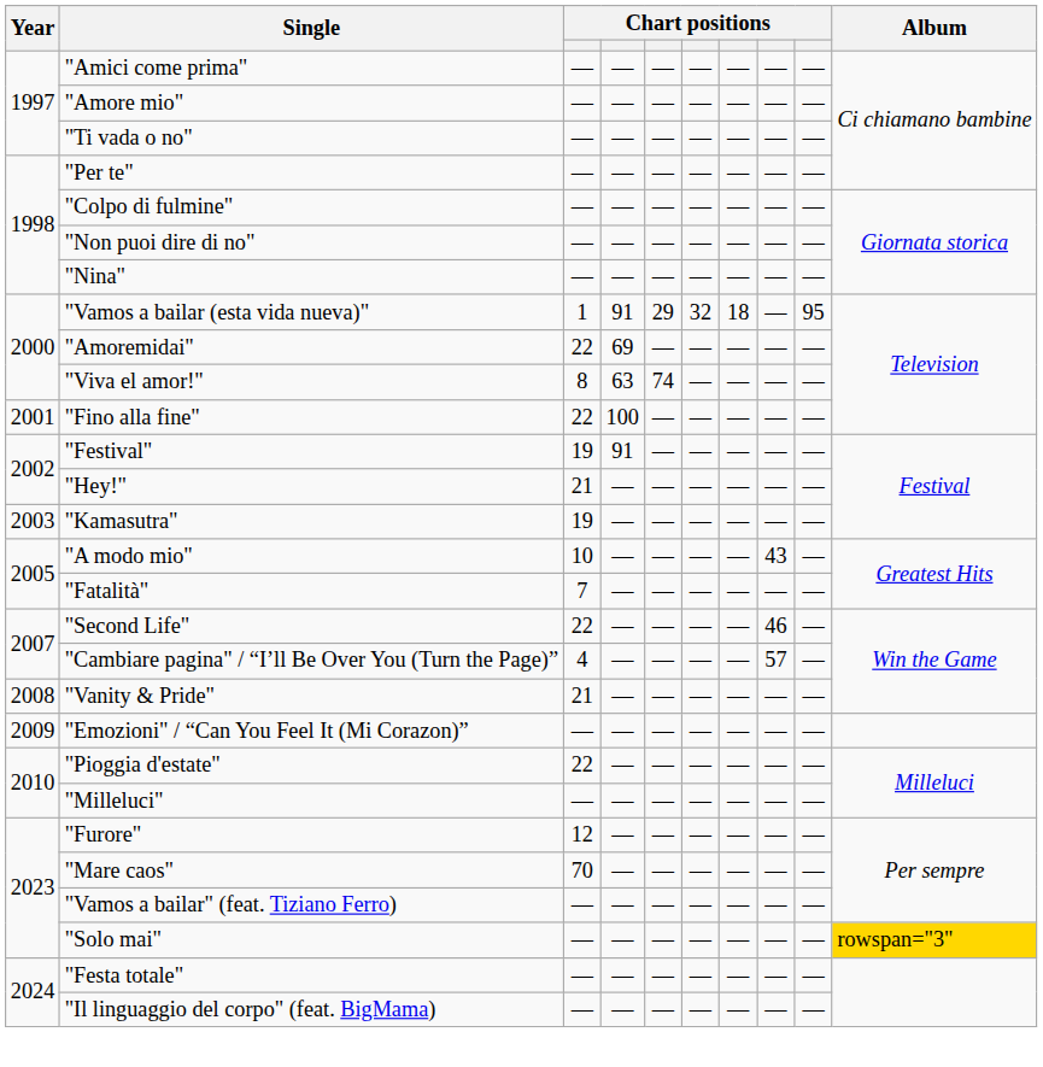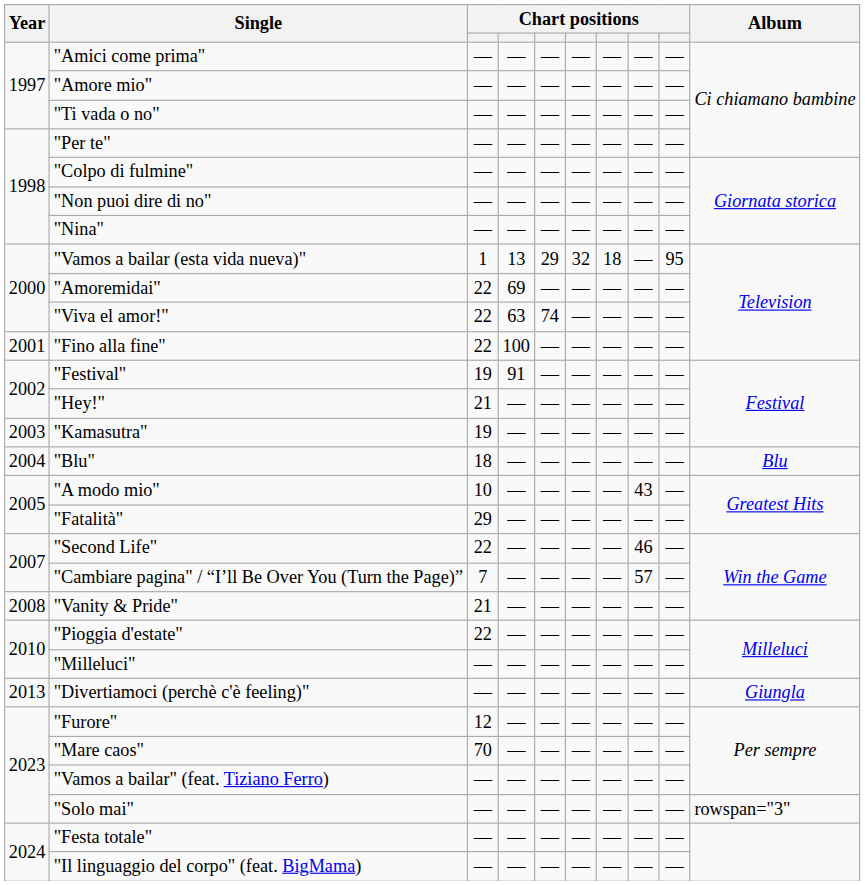 <table class="wikitable">
 <tr>
 <th rowspan="2">Year</th>
 <th rowspan="2">Single</th>
 <th colspan="7">Chart positions </th>
 <th rowspan="2">Album</th>
 </tr>
 <tr>
 <th width="20"></th>
 <th width="20"></th>
 <th width="20"></th>
 <th width="20"></th>
 <th width="20"></th>
 <th width="20"></th>
 <th width="20"></th>
 </tr>
 <tr>
 <td rowspan="3">1997</td>
 <td>"Amici come prima"</td>
 <td align="center">—</td>
 <td align="center">—</td>
 <td align="center">—</td>
 <td align="center">—</td>
 <td align="center">—</td>
 <td align="center">—</td>
 <td align="center">—</td>
 <td rowspan="4"><em>Ci chiamano bambine</em></td>
 </tr>
 <tr>
 <td>"Amore mio"</td>
 <td align="center">—</td>
 <td align="center">—</td>
 <td align="center">—</td>
 <td align="center">—</td>
 <td align="center">—</td>
 <td align="center">—</td>
 <td align="center">—</td>
 </tr>
 <tr>
 <td>"Ti vada o no"</td>
 <td align="center">—</td>
 <td align="center">—</td>
 <td align="center">—</td>
 <td align="center">—</td>
 <td align="center">—</td>
 <td align="center">—</td>
 <td align="center">—</td>
 </tr>
 <tr>
 <td rowspan="4">1998</td>
 <td>"Per te"</td>
 <td align="center">—</td>
 <td align="center">—</td>
 <td align="center">—</td>
 <td align="center">—</td>
 <td align="center">—</td>
 <td align="center">—</td>
 <td align="center">—</td>
 </tr>
 <tr>
 <td>"Colpo di fulmine"</td>
 <td align="center">—</td>
 <td align="center">—</td>
 <td align="center">—</td>
 <td align="center">—</td>
 <td align="center">—</td>
 <td align="center">—</td>
 <td align="center">—</td>
 <td rowspan="3" align="center"><em><a href='#'>Giornata storica</a></em></td>
 </tr>
 <tr>
 <td>"Non puoi dire di no"</td>
 <td align="center">—</td>
 <td align="center">—</td>
 <td align="center">—</td>
 <td align="center">—</td>
 <td align="center">—</td>
 <td align="center">—</td>
 <td align="center">—</td>
 </tr>
 <tr>
 <td>"Nina"</td>
 <td align="center">—</td>
 <td align="center">—</td>
 <td align="center">—</td>
 <td align="center">—</td>
 <td align="center">—</td>
 <td align="center">—</td>
 <td align="center">—</td>
 </tr>
 <tr>
 <td rowspan="3">2000</td>
 <td>"Vamos a bailar (esta vida nueva)"</td>
 <td align="center">1</td>
-<td align="center">91</td>
+<td align="center">13</td>
 <td align="center">29</td>
 <td align="center">32</td>
 <td align="center">18</td>
 <td align="center">—</td>
 <td align="center">95</td>
 <td rowspan="4" align="center"><em><a href='#'>Television</a></em></td>
 </tr>
 <tr>
 <td>"Amoremidai"</td>
 <td align="center">22</td>
 <td align="center">69</td>
 <td align="center">—</td>
 <td align="center">—</td>
 <td align="center">—</td>
 <td align="center">—</td>
 <td align="center">—</td>
 </tr>
 <tr>
 <td>"Viva el amor!"</td>
-<td align="center">8</td>
+<td align="center">22</td>
 <td align="center">63</td>
 <td align="center">74</td>
 <td align="center">—</td>
 <td align="center">—</td>
 <td align="center">—</td>
 <td align="center">—</td>
 </tr>
 <tr>
 <td>2001</td>
 <td>"Fino alla fine"</td>
 <td align="center">22</td>
 <td align="center">100</td>
 <td align="center">—</td>
 <td align="center">—</td>
 <td align="center">—</td>
 <td align="center">—</td>
 <td align="center">—</td>
 </tr>
 <tr>
 <td rowspan="2">2002</td>
 <td>"Festival"</td>
 <td align="center">19</td>
 <td align="center">91</td>
 <td align="center">—</td>
 <td align="center">—</td>
 <td align="center">—</td>
 <td align="center">—</td>
 <td align="center">—</td>
 <td rowspan="3" align="center"><em><a href='#'>Festival</a></em></td>
 </tr>
 <tr>
 <td>"Hey!"</td>
 <td align="center">21</td>
 <td align="center">—</td>
 <td align="center">—</td>
 <td align="center">—</td>
 <td align="center">—</td>
 <td align="center">—</td>
 <td align="center">—</td>
 </tr>
 <tr>
 <td>2003</td>
 <td>"Kamasutra"</td>
 <td align="center">19</td>
 <td align="center">—</td>
 <td align="center">—</td>
 <td align="center">—</td>
 <td align="center">—</td>
 <td align="center">—</td>
 <td align="center">—</td>
 </tr>
 <tr>
+<td>2004</td>
+<td>"Blu"</td>
+<td align="center">18</td>
+<td align="center">—</td>
+<td align="center">—</td>
+<td align="center">—</td>
+<td align="center">—</td>
+<td align="center">—</td>
+<td align="center">—</td>
+<td align="center"><em><a href='#'>Blu</a></em></td>
+</tr>
+<tr>
 <td rowspan="2">2005</td>
 <td>"A modo mio"</td>
 <td align="center">10</td>
 <td align="center">—</td>
 <td align="center">—</td>
 <td align="center">—</td>
 <td align="center">—</td>
 <td align="center">43</td>
 <td align="center">—</td>
 <td rowspan="2" align="center"><em><a href='#'>Greatest Hits</a></em></td>
 </tr>
 <tr>
 <td>"Fatalità"</td>
-<td align="center">7</td>
+<td align="center">29</td>
 <td align="center">—</td>
 <td align="center">—</td>
 <td align="center">—</td>
 <td align="center">—</td>
 <td align="center">—</td>
 <td align="center">—</td>
 </tr>
 <tr>
 <td rowspan="2">2007</td>
 <td>"Second Life"</td>
 <td align="center">22</td>
 <td align="center">—</td>
 <td align="center">—</td>
 <td align="center">—</td>
 <td align="center">—</td>
 <td align="center">46</td>
 <td align="center">—</td>
 <td rowspan="3" align="center"><em><a href='#'>Win the Game</a></em></td>
 </tr>
 <tr>
 <td>"Cambiare pagina" / “I’ll Be Over You (Turn the Page)”</td>
-<td align="center">4</td>
+<td align="center">7</td>
 <td align="center">—</td>
 <td align="center">—</td>
 <td align="center">—</td>
 <td align="center">—</td>
 <td align="center">57</td>
 <td align="center">—</td>
 </tr>
 <tr>
 <td>2008</td>
 <td>"Vanity & Pride"</td>
 <td align="center">21</td>
 <td align="center">—</td>
 <td align="center">—</td>
 <td align="center">—</td>
 <td align="center">—</td>
 <td align="center">—</td>
 <td align="center">—</td>
-</tr>
-<tr>
-<td>2009</td>
-<td>"Emozioni" / “Can You Feel It (Mi Corazon)”</td>
-<td align="center">—</td>
-<td align="center">—</td>
-<td align="center">—</td>
-<td align="center">—</td>
-<td align="center">—</td>
-<td align="center">—</td>
-<td align="center">—</td>
-<td></td>
 </tr>
 <tr>
 <td rowspan="2">2010</td>
 <td>"Pioggia d'estate"</td>
 <td align="center">22</td>
 <td align="center">—</td>
 <td align="center">—</td>
 <td align="center">—</td>
 <td align="center">—</td>
 <td align="center">—</td>
 <td align="center">—</td>
 <td rowspan="2" align="center"><em><a href='#'>Milleluci</a></em></td>
 </tr>
 <tr>
 <td>"Milleluci"</td>
 <td align="center">—</td>
 <td align="center">—</td>
 <td align="center">—</td>
 <td align="center">—</td>
 <td align="center">—</td>
 <td align="center">—</td>
 <td align="center">—</td>
+</tr>
+<tr>
+<td>2013</td>
+<td>"Divertiamoci (perchè c'è feeling)"</td>
+<td align="center">—</td>
+<td align="center">—</td>
+<td align="center">—</td>
+<td align="center">—</td>
+<td align="center">—</td>
+<td align="center">—</td>
+<td align="center">—</td>
+<td align="center"><em><a href='#'>Giungla</a></em></td>
 </tr>
 <tr>
 <td rowspan="4">2023</td>
 <td>"Furore"</td>
 <td align="center">12</td>
 <td align="center">—</td>
 <td align="center">—</td>
 <td align="center">—</td>
 <td align="center">—</td>
 <td align="center">—</td>
 <td align="center">—</td>
 <td rowspan="3" align="center"><em>Per sempre</em></td>
 </tr>
 <tr>
 <td>"Mare caos"</td>
 <td align="center">70<br></td>
 <td align="center">—</td>
 <td align="center">—</td>
 <td align="center">—</td>
 <td align="center">—</td>
 <td align="center">—</td>
 <td align="center">—</td>
 </tr>
 <tr>
 <td>"Vamos a bailar" (feat. <a href='#'>Tiziano Ferro</a>)</td>
 <td align="center">—</td>
 <td align="center">—</td>
 <td align="center">—</td>
 <td align="center">—</td>
 <td align="center">—</td>
 <td align="center">—</td>
 <td align="center">—</td>
 </tr>
 <tr>
 <td>"Solo mai"</td>
 <td align="center">—</td>
 <td align="center">—</td>
 <td align="center">—</td>
 <td align="center">—</td>
 <td align="center">—</td>
 <td align="center">—</td>
 <td align="center">—</td>
-<td style="background: gold;">rowspan="3"</td>
+<td>rowspan="3"</td>
 </tr>
 <tr>
 <td rowspan="2">2024</td>
 <td>"Festa totale"</td>
 <td align="center">—</td>
 <td align="center">—</td>
 <td align="center">—</td>
 <td align="center">—</td>
 <td align="center">—</td>
 <td align="center">—</td>
 <td align="center">—</td>
 </tr>
 <tr>
 <td>"Il linguaggio del corpo" (feat. <a href='#'>BigMama</a>)</td>
 <td align="center">—</td>
 <td align="center">—</td>
 <td align="center">—</td>
 <td align="center">—</td>
 <td align="center">—</td>
 <td align="center">—</td>
 <td align="center">—</td>
 </tr>
 </table>
